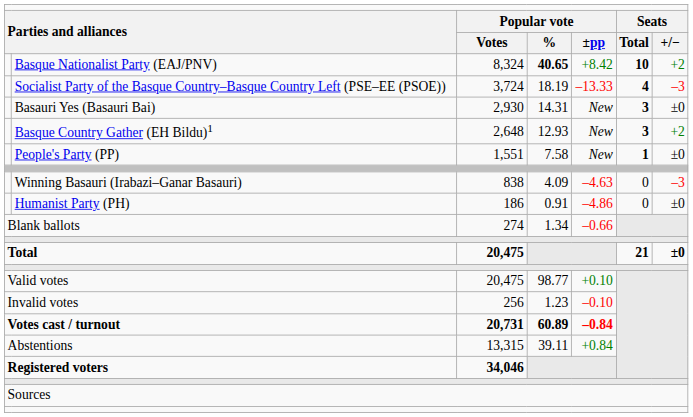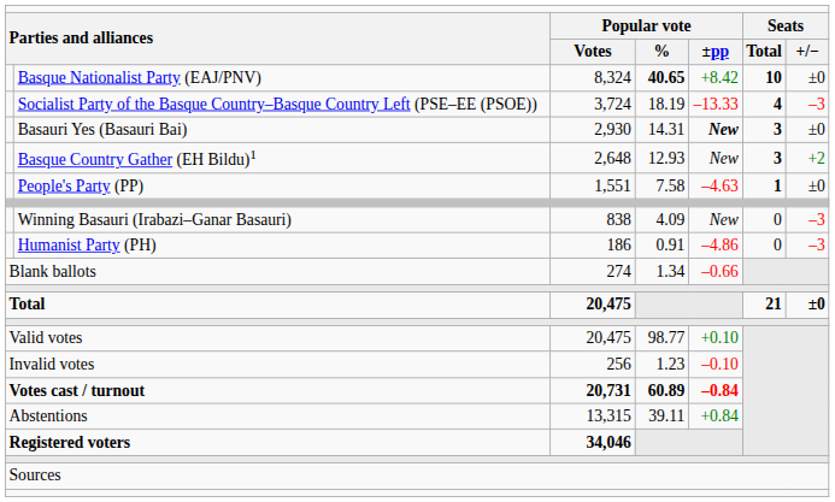 <table class="wikitable" style="text-align:right;">
 <tr>
 <td colspan="7"></td>
 </tr>
 <tr>
 <th style="text-align:left;" rowspan="2" colspan="2" width="525">Parties and alliances</th>
 <th colspan="3">Popular vote</th>
 <th colspan="2">Seats</th>
 </tr>
 <tr>
 <th width="75">Votes</th>
 <th width="45">%</th>
 <th width="45">±<a href='#'>pp</a></th>
 <th width="35">Total</th>
 <th width="35">+/−</th>
 </tr>
 <tr>
 <td width="1" style="color:inherit;background:"></td>
 <td align="left"><a href='#'>Basque Nationalist Party</a> (EAJ/PNV)</td>
 <td>8,324</td>
 <td><strong>40.65</strong></td>
 <td style="color:green;">+8.42</td>
 <td><strong>10</strong></td>
-<td style="color:green;">+2</td>
+<td>±0</td>
 </tr>
 <tr>
 <td style="color:inherit;background:"></td>
 <td align="left"><a href='#'>Socialist Party of the Basque Country–Basque Country Left</a> (PSE–EE (PSOE))</td>
 <td>3,724</td>
 <td>18.19</td>
 <td style="color:red;">–13.33</td>
 <td><strong>4</strong></td>
 <td style="color:red;">–3</td>
 </tr>
 <tr>
 <td style="color:inherit;background:"></td>
 <td align="left">Basauri Yes (Basauri Bai)</td>
 <td>2,930</td>
 <td>14.31</td>
-<td><em>New</em></td>
+<td><strong><em>New</em></strong></td>
 <td><strong>3</strong></td>
 <td>±0</td>
 </tr>
 <tr>
 <td style="color:inherit;background:"></td>
 <td align="left"><a href='#'>Basque Country Gather</a> (EH Bildu)<sup>1</sup></td>
 <td>2,648</td>
 <td>12.93</td>
 <td><em>New</em></td>
 <td><strong>3</strong></td>
 <td style="color:green;">+2</td>
 </tr>
 <tr>
 <td style="color:inherit;background:"></td>
 <td align="left"><a href='#'>People's Party</a> (PP)</td>
 <td>1,551</td>
 <td>7.58</td>
-<td><em>New</em></td>
+<td style="color:red;">–4.63</td>
 <td><strong>1</strong></td>
 <td>±0</td>
 </tr>
 <tr>
 <td colspan="7" bgcolor="#C0C0C0"></td>
 </tr>
 <tr>
 <td style="color:inherit;background:"></td>
 <td align="left">Winning Basauri (Irabazi–Ganar Basauri)</td>
 <td>838</td>
 <td>4.09</td>
-<td style="color:red;">–4.63</td>
+<td><em>New</em></td>
 <td>0</td>
 <td style="color:red;">–3</td>
 </tr>
 <tr>
 <td style="color:inherit;background:"></td>
 <td align="left"><a href='#'>Humanist Party</a> (PH)</td>
 <td>186</td>
 <td>0.91</td>
 <td style="color:red;">–4.86</td>
 <td>0</td>
-<td>±0</td>
+<td style="color:red;">–3</td>
 </tr>
 <tr>
 <td align="left" colspan="2">Blank ballots</td>
 <td>274</td>
 <td>1.34</td>
 <td style="color:red;">–0.66</td>
 <td bgcolor="#E9E9E9" colspan="2"></td>
 </tr>
 <tr>
 <td colspan="7" bgcolor="#E9E9E9"></td>
 </tr>
 <tr style="font-weight:bold;">
 <td align="left" colspan="2">Total</td>
 <td>20,475</td>
 <td bgcolor="#E9E9E9" colspan="2"></td>
 <td>21</td>
 <td>±0</td>
 </tr>
 <tr>
 <td colspan="7" bgcolor="#E9E9E9"></td>
 </tr>
 <tr>
 <td align="left" colspan="2">Valid votes</td>
 <td>20,475</td>
 <td>98.77</td>
 <td style="color:green;">+0.10</td>
 <td bgcolor="#E9E9E9" colspan="2" rowspan="5"></td>
 </tr>
 <tr>
 <td align="left" colspan="2">Invalid votes</td>
 <td>256</td>
 <td>1.23</td>
 <td style="color:red;">–0.10</td>
 </tr>
 <tr style="font-weight:bold;">
 <td align="left" colspan="2">Votes cast / turnout</td>
 <td>20,731</td>
 <td>60.89</td>
 <td style="color:red;">–0.84</td>
 </tr>
 <tr>
 <td align="left" colspan="2">Abstentions</td>
 <td>13,315</td>
 <td>39.11</td>
 <td style="color:green;">+0.84</td>
 </tr>
 <tr style="font-weight:bold;">
 <td align="left" colspan="2">Registered voters</td>
 <td>34,046</td>
 <td bgcolor="#E9E9E9" colspan="2"></td>
 </tr>
 <tr>
 <td colspan="7" bgcolor="#E9E9E9"></td>
 </tr>
 <tr>
 <td align="left" colspan="7">Sources</td>
 </tr>
 <tr>
 <td colspan="7" style="text-align:left; max-width:790px;"></td>
 </tr>
 </table>
